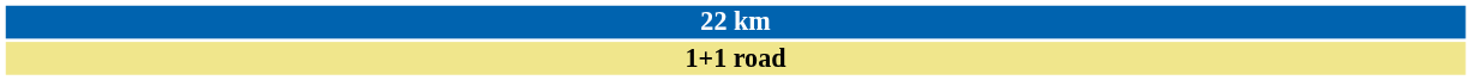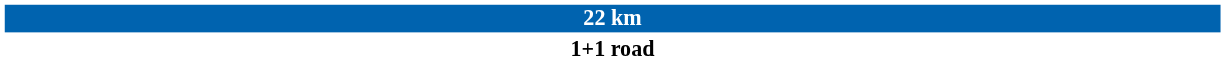 <table style="width:70%; font-weight:bold; text-align:center">
 <tr>
 <td style="background:#0063AF; width:100%; color:white">22 km</td>
 </tr>
 <tr>
-<td style="background: khaki;">1+1 road</td>
+<td>1+1 road</td>
 </tr>
 </table>
